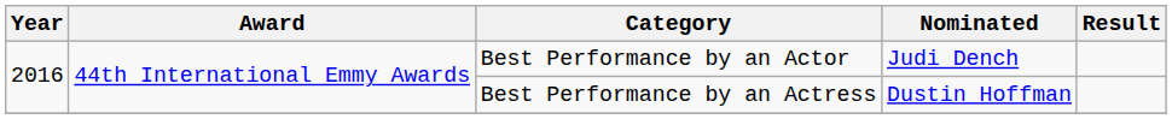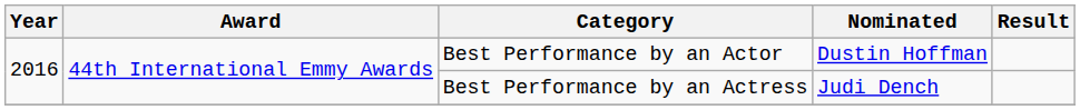 <table class="wikitable">
 <tr>
 <th>Year</th>
 <th>Award</th>
 <th>Category</th>
 <th>Nominated</th>
 <th>Result</th>
 </tr>
 <tr>
 <td rowspan=2>2016</td>
 <td rowspan=2><a href='#'>44th International Emmy Awards</a></td>
 <td>Best Performance by an Actor</td>
-<td><a href='#'>Judi Dench</a></td>
+<td><a href='#'>Dustin Hoffman</a></td>
 <td></td>
 </tr>
 <tr>
 <td>Best Performance by an Actress</td>
-<td><a href='#'>Dustin Hoffman</a></td>
+<td><a href='#'>Judi Dench</a></td>
 <td></td>
 </tr>
 <tr>
 </tr>
 </table>
